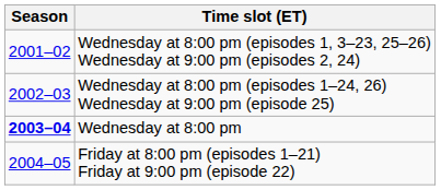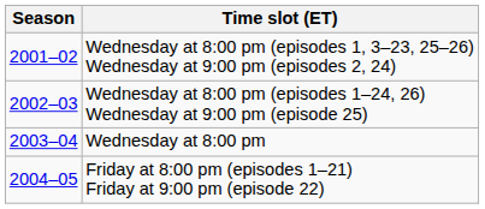 <table class="wikitable">
 <tr>
 <th>Season</th>
 <th>Time slot (ET)</th>
 </tr>
 <tr>
 <td><a href='#'>2001–02</a></td>
 <td>Wednesday at 8:00 pm (episodes 1, 3–23, 25–26) <br>Wednesday at 9:00 pm (episodes 2, 24)</td>
 </tr>
 <tr>
 <td><a href='#'>2002–03</a></td>
 <td>Wednesday at 8:00 pm (episodes 1–24, 26) <br>Wednesday at 9:00 pm (episode 25)</td>
 </tr>
 <tr>
-<td><strong><a href='#'>2003–04</a></strong></td>
+<td><a href='#'>2003–04</a></td>
 <td>Wednesday at 8:00 pm</td>
 </tr>
 <tr>
 <td><a href='#'>2004–05</a></td>
 <td>Friday at 8:00 pm (episodes 1–21) <br>Friday at 9:00 pm (episode 22)</td>
 </tr>
 </table>
